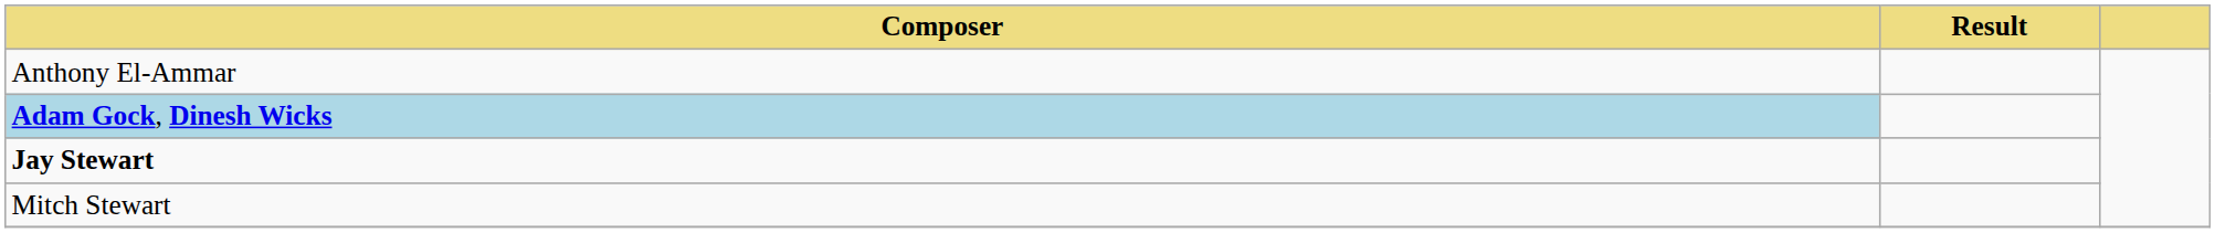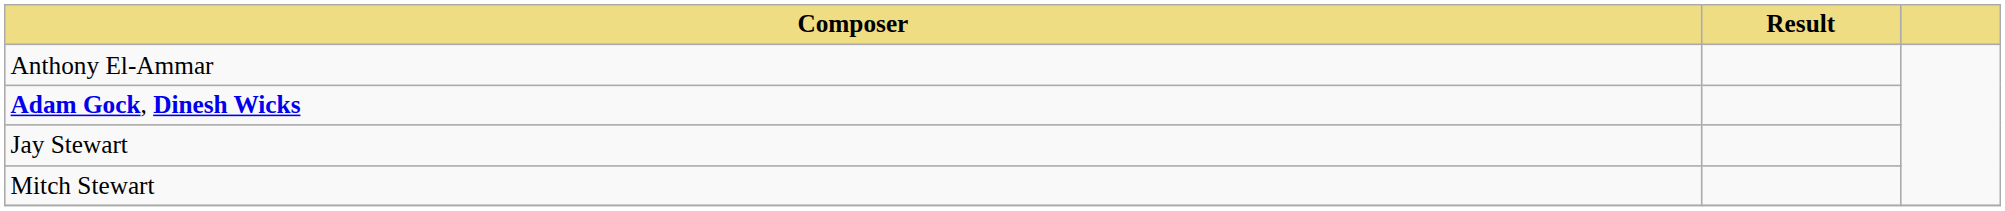 <table class="wikitable" width=100%>
 <tr>
 <th style="width:85%;background:#EEDD82;">Composer</th>
 <th style="width:10%;background:#EEDD82;">Result</th>
 <th style="width:5%;background:#EEDD82;"></th>
 </tr>
 <tr>
 <td>Anthony El-Ammar</td>
 <td></td>
 <td rowspan="4"><br></td>
 </tr>
 <tr>
-<td style="background: lightblue;"><strong><a href='#'>Adam Gock</a></strong>, <strong><a href='#'>Dinesh Wicks</a></strong></td>
+<td><strong><a href='#'>Adam Gock</a></strong>, <strong><a href='#'>Dinesh Wicks</a></strong></td>
 <td></td>
 </tr>
 <tr>
-<td><strong>Jay Stewart</strong></td>
+<td>Jay Stewart</td>
 <td></td>
 </tr>
 <tr>
 <td>Mitch Stewart</td>
 <td></td>
 </tr>
 <tr>
 </tr>
 </table>
